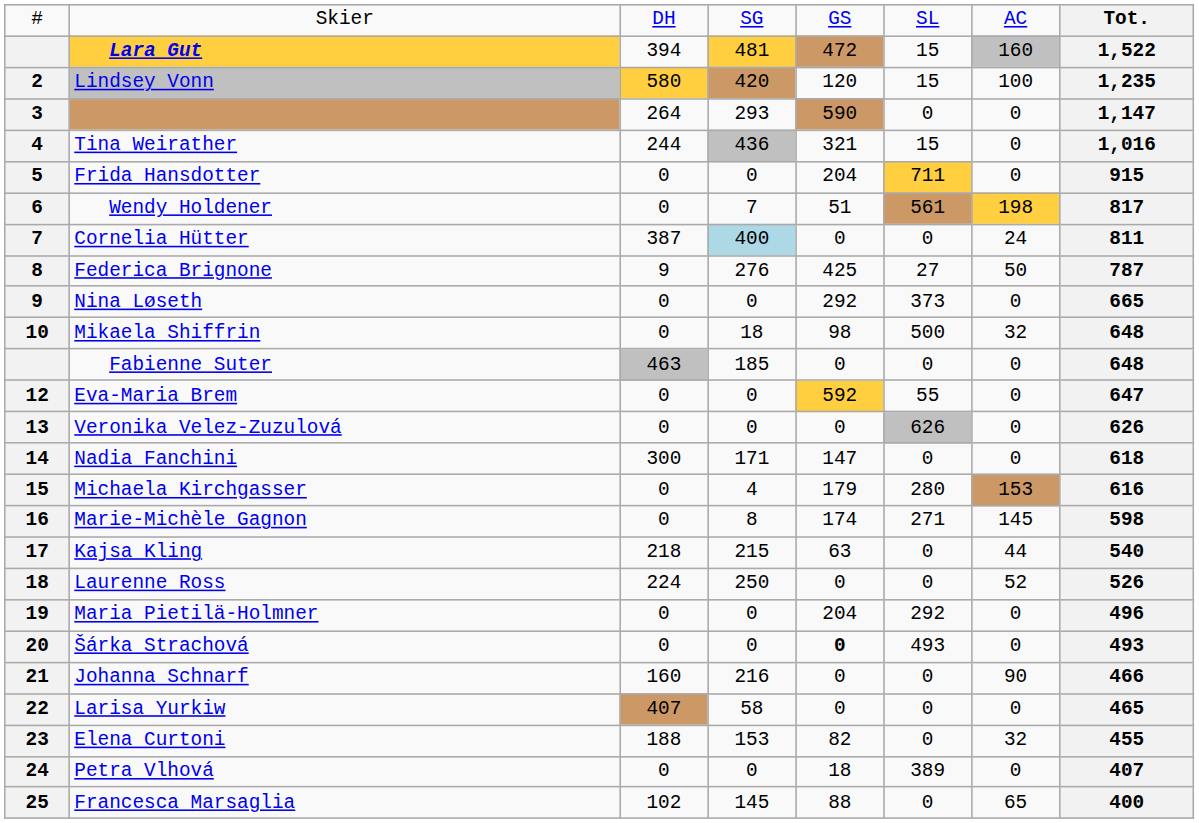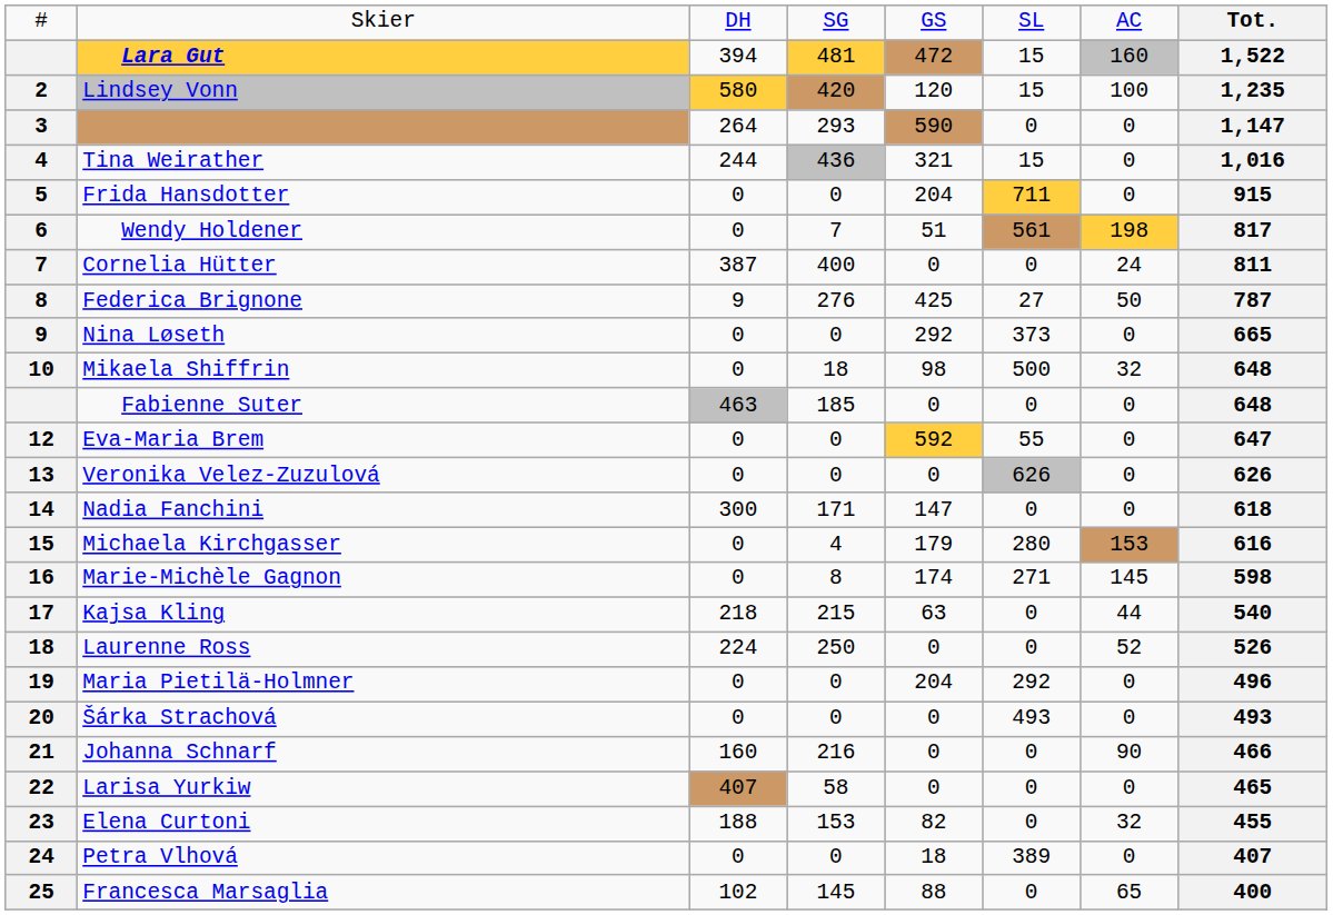 <table class="wikitable" width=60% style="font-size:95%; text-align:center;">
 <tr>
 <td>#</td>
 <td>Skier</td>
 <td><a href='#'>DH</a><br></td>
 <td><a href='#'>SG</a><br></td>
 <td><a href='#'>GS</a><br></td>
 <td><a href='#'>SL</a><br></td>
 <td><a href='#'>AC</a><br></td>
 <th>Tot.</th>
 </tr>
 <tr>
 <th></th>
 <td align=left bgcolor=ffcf40>   <strong><em><a href='#'>Lara Gut</a></em></strong></td>
 <td>394</td>
 <td bgcolor=ffcf40>481</td>
 <td bgcolor=cc9966>472</td>
 <td>15</td>
 <td bgcolor=c0c0c0>160</td>
 <th>1,522</th>
 </tr>
 <tr>
 <th>2</th>
 <td align=left bgcolor=c0c0c0> <a href='#'>Lindsey Vonn</a></td>
 <td bgcolor=ffcf40>580</td>
 <td bgcolor=cc9966>420</td>
 <td>120</td>
 <td>15</td>
 <td>100</td>
 <th>1,235</th>
 </tr>
 <tr>
 <th>3</th>
 <td align=left bgcolor=cc9966></td>
 <td>264</td>
 <td>293</td>
 <td bgcolor=cc9966>590</td>
 <td>0</td>
 <td>0</td>
 <th>1,147</th>
 </tr>
 <tr>
 <th>4</th>
 <td align=left> <a href='#'>Tina Weirather</a></td>
 <td>244</td>
 <td bgcolor=c0c0c0>436</td>
 <td>321</td>
 <td>15</td>
 <td>0</td>
 <th>1,016</th>
 </tr>
 <tr>
 <th>5</th>
 <td align=left> <a href='#'>Frida Hansdotter</a></td>
 <td>0</td>
 <td>0</td>
 <td>204</td>
 <td bgcolor=ffcf40>711</td>
 <td>0</td>
 <th>915</th>
 </tr>
 <tr>
 <th>6</th>
 <td align=left>   <a href='#'>Wendy Holdener</a></td>
 <td>0</td>
 <td>7</td>
 <td>51</td>
 <td bgcolor=cc9966>561</td>
 <td bgcolor=ffcf40>198</td>
 <th>817</th>
 </tr>
 <tr>
 <th>7</th>
 <td align=left> <a href='#'>Cornelia Hütter</a></td>
 <td>387</td>
-<td style="background: lightblue;">400</td>
+<td>400</td>
 <td>0</td>
 <td>0</td>
 <td>24</td>
 <th>811</th>
 </tr>
 <tr>
 <th>8</th>
 <td align=left> <a href='#'>Federica Brignone</a></td>
 <td>9</td>
 <td>276</td>
 <td>425</td>
 <td>27</td>
 <td>50</td>
 <th>787</th>
 </tr>
 <tr>
 <th>9</th>
 <td align=left> <a href='#'>Nina Løseth</a></td>
 <td>0</td>
 <td>0</td>
 <td>292</td>
 <td>373</td>
 <td>0</td>
 <th>665</th>
 </tr>
 <tr>
 <th>10</th>
 <td align=left> <a href='#'>Mikaela Shiffrin</a></td>
 <td>0</td>
 <td>18</td>
 <td>98</td>
 <td>500</td>
 <td>32</td>
 <th>648</th>
 </tr>
 <tr>
 <th></th>
 <td align=left>   <a href='#'>Fabienne Suter</a></td>
 <td bgcolor=c0c0c0>463</td>
 <td>185</td>
 <td>0</td>
 <td>0</td>
 <td>0</td>
 <th>648</th>
 </tr>
 <tr>
 <th>12</th>
 <td align=left> <a href='#'>Eva-Maria Brem</a></td>
 <td>0</td>
 <td>0</td>
 <td bgcolor=ffcf40>592</td>
 <td>55</td>
 <td>0</td>
 <th>647</th>
 </tr>
 <tr>
 <th>13</th>
 <td align=left> <a href='#'>Veronika Velez-Zuzulová</a></td>
 <td>0</td>
 <td>0</td>
 <td>0</td>
 <td bgcolor=c0c0c0>626</td>
 <td>0</td>
 <th>626</th>
 </tr>
 <tr>
 <th>14</th>
 <td align=left> <a href='#'>Nadia Fanchini</a></td>
 <td>300</td>
 <td>171</td>
 <td>147</td>
 <td>0</td>
 <td>0</td>
 <th>618</th>
 </tr>
 <tr>
 <th>15</th>
 <td align=left> <a href='#'>Michaela Kirchgasser</a></td>
 <td>0</td>
 <td>4</td>
 <td>179</td>
 <td>280</td>
 <td bgcolor=cc9966>153</td>
 <th>616</th>
 </tr>
 <tr>
 <th>16</th>
 <td align=left> <a href='#'>Marie-Michèle Gagnon</a></td>
 <td>0</td>
 <td>8</td>
 <td>174</td>
 <td>271</td>
 <td>145</td>
 <th>598</th>
 </tr>
 <tr>
 <th>17</th>
 <td align=left> <a href='#'>Kajsa Kling</a></td>
 <td>218</td>
 <td>215</td>
 <td>63</td>
 <td>0</td>
 <td>44</td>
 <th>540</th>
 </tr>
 <tr>
 <th>18</th>
 <td align=left> <a href='#'>Laurenne Ross</a></td>
 <td>224</td>
 <td>250</td>
 <td>0</td>
 <td>0</td>
 <td>52</td>
 <th>526</th>
 </tr>
 <tr>
 <th>19</th>
 <td align=left> <a href='#'>Maria Pietilä-Holmner</a></td>
 <td>0</td>
 <td>0</td>
 <td>204</td>
 <td>292</td>
 <td>0</td>
 <th>496</th>
 </tr>
 <tr>
 <th>20</th>
 <td align=left> <a href='#'>Šárka Strachová</a></td>
 <td>0</td>
 <td>0</td>
-<td><strong>0</strong></td>
+<td>0</td>
 <td>493</td>
 <td>0</td>
 <th>493</th>
 </tr>
 <tr>
 <th>21</th>
 <td align=left> <a href='#'>Johanna Schnarf</a></td>
 <td>160</td>
 <td>216</td>
 <td>0</td>
 <td>0</td>
 <td>90</td>
 <th>466</th>
 </tr>
 <tr>
 <th>22</th>
 <td align=left> <a href='#'>Larisa Yurkiw</a></td>
 <td bgcolor=cc9966>407</td>
 <td>58</td>
 <td>0</td>
 <td>0</td>
 <td>0</td>
 <th>465</th>
 </tr>
 <tr>
 <th>23</th>
 <td align=left> <a href='#'>Elena Curtoni</a></td>
 <td>188</td>
 <td>153</td>
 <td>82</td>
 <td>0</td>
 <td>32</td>
 <th>455</th>
 </tr>
 <tr>
 <th>24</th>
 <td align=left> <a href='#'>Petra Vlhová</a></td>
 <td>0</td>
 <td>0</td>
 <td>18</td>
 <td>389</td>
 <td>0</td>
 <th>407</th>
 </tr>
 <tr>
 <th>25</th>
 <td align=left> <a href='#'>Francesca Marsaglia</a></td>
 <td>102</td>
 <td>145</td>
 <td>88</td>
 <td>0</td>
 <td>65</td>
 <th>400</th>
 </tr>
 </table>
